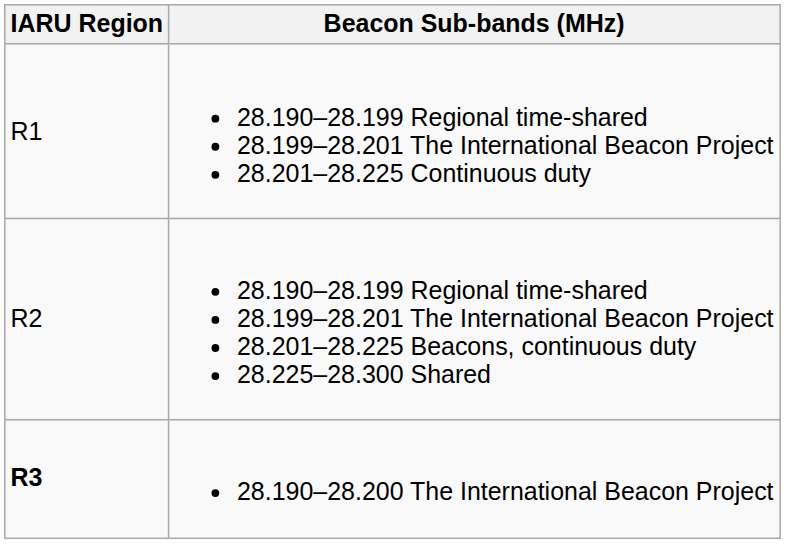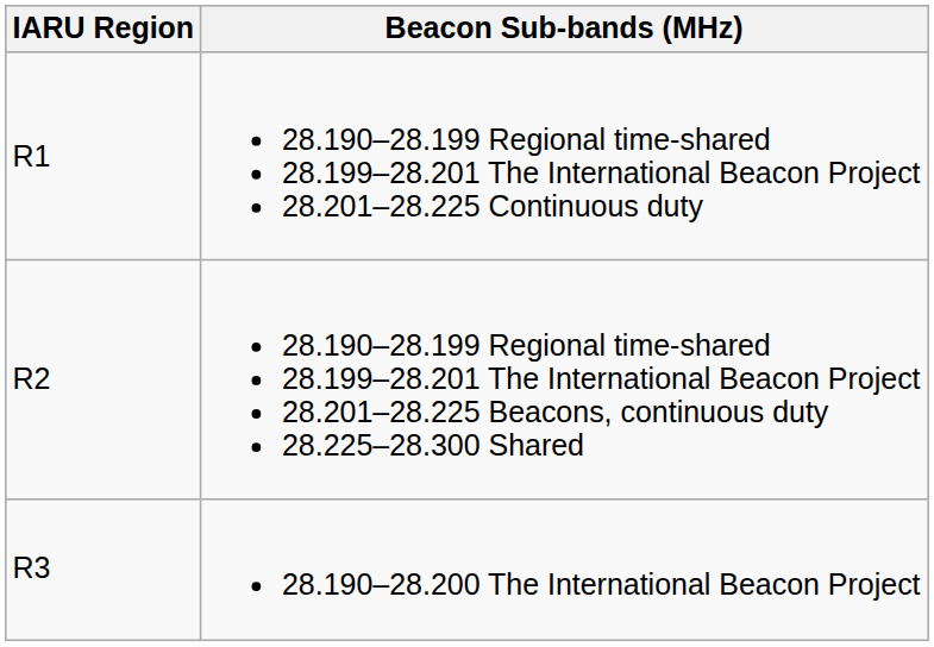 <table class="wikitable">
 <tr>
 <th>IARU Region</th>
 <th>Beacon Sub-bands (MHz)</th>
 </tr>
 <tr>
 <td>R1</td>
 <td><br><ul><li>28.190–28.199 Regional time-shared</li><li>28.199–28.201 The International Beacon Project</li><li>28.201–28.225 Continuous duty</li></ul></td>
 </tr>
 <tr>
 <td>R2</td>
 <td><br><ul><li>28.190–28.199 Regional time-shared</li><li>28.199–28.201 The International Beacon Project</li><li>28.201–28.225 Beacons, continuous duty</li><li>28.225–28.300 Shared</li></ul></td>
 </tr>
 <tr>
-<td><strong>R3</strong></td>
+<td>R3</td>
 <td><br><ul><li>28.190–28.200 The International Beacon Project</li></ul></td>
 </tr>
 </table>
